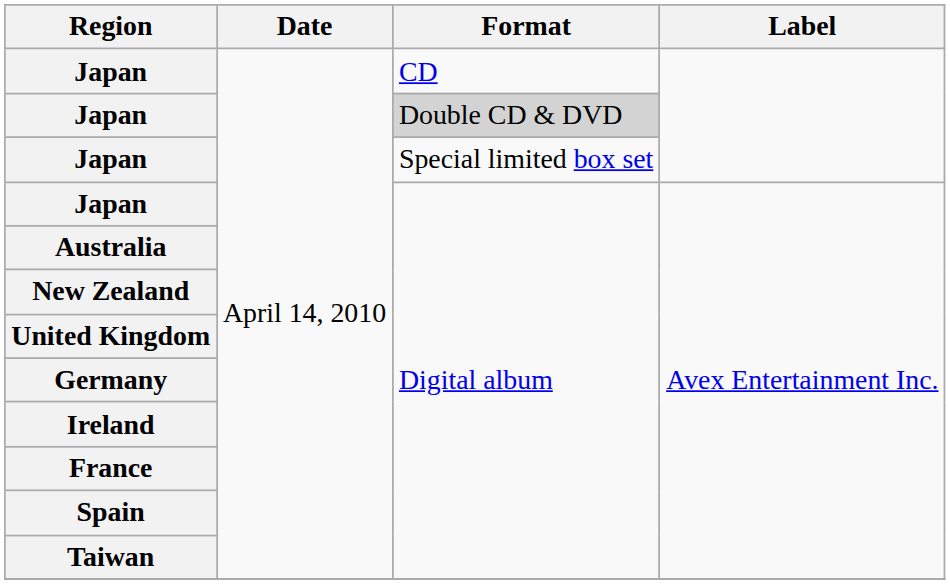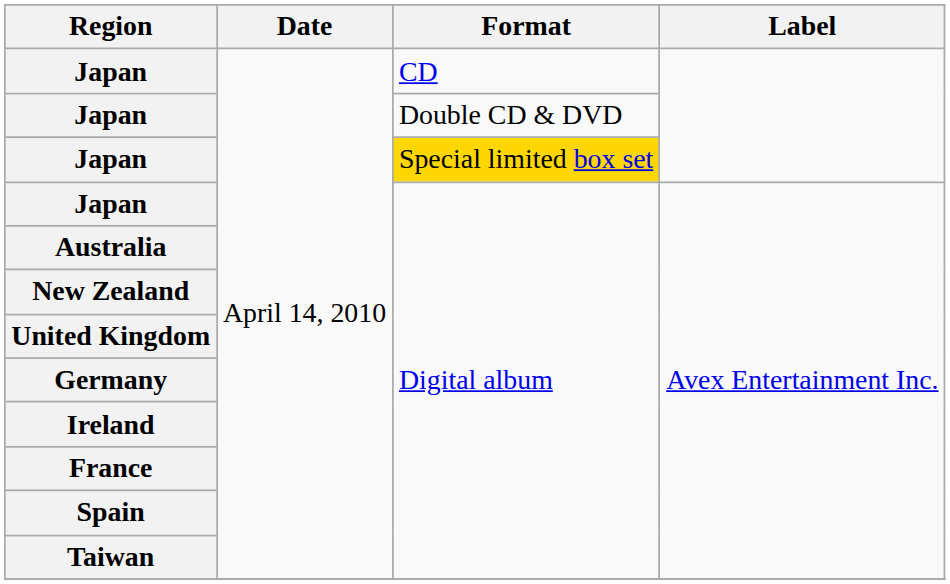 <table class="wikitable plainrowheaders">
 <tr>
 <th scope="col">Region</th>
 <th scope="col">Date</th>
 <th scope="col">Format</th>
 <th scope="col">Label</th>
 </tr>
 <tr>
 <th scope="row">Japan</th>
 <td rowspan="12">April 14, 2010</td>
 <td><a href='#'>CD</a></td>
 <td rowspan="3"></td>
 </tr>
 <tr>
 <th scope="row">Japan</th>
-<td style="background: lightgrey;">Double CD & DVD</td>
+<td>Double CD & DVD</td>
 </tr>
 <tr>
 <th scope="row">Japan</th>
-<td>Special limited <a href='#'>box set</a></td>
+<td style="background: gold;">Special limited <a href='#'>box set</a></td>
 </tr>
 <tr>
 <th scope="row">Japan</th>
 <td rowspan="9"><a href='#'>Digital album</a></td>
 <td rowspan="9"><a href='#'>Avex Entertainment Inc.</a></td>
 </tr>
 <tr>
 <th scope="row">Australia</th>
 </tr>
 <tr>
 <th scope="row">New Zealand</th>
 </tr>
 <tr>
 <th scope="row">United Kingdom</th>
 </tr>
 <tr>
 <th scope="row">Germany</th>
 </tr>
 <tr>
 <th scope="row">Ireland</th>
 </tr>
 <tr>
 <th scope="row">France</th>
 </tr>
 <tr>
 <th scope="row">Spain</th>
 </tr>
 <tr>
 <th scope="row">Taiwan</th>
 </tr>
 <tr>
 </tr>
 </table>
